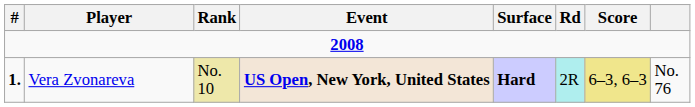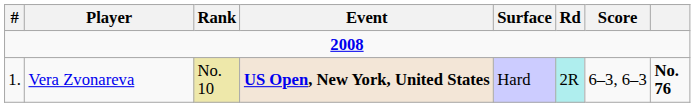 <table class="wikitable sortable">
 <tr>
 <th>#</th>
 <th width=155>Player</th>
 <th width=30>Rank</th>
 <th>Event</th>
 <th>Surface</th>
 <th>Rd</th>
 <th>Score</th>
 <th width=30></th>
 </tr>
 <tr>
 <td colspan=8 style=text-align:center><strong><a href='#'>2008</a></strong></td>
 </tr>
 <tr>
-<td><strong>1.</strong></td>
+<td>1.</td>
 <td> <a href='#'>Vera Zvonareva</a></td>
 <td bgcolor=EEE8AA>No. 10</td>
 <td bgcolor=#F3E6D7><strong><a href='#'>US Open</a>, New York, United States</strong></td>
-<td bgcolor=CCCCFF><strong>Hard</strong></td>
+<td bgcolor=CCCCFF>Hard</td>
 <td bgcolor=afeeee>2R</td>
-<td style="background: khaki;">6–3, 6–3</td>
-<td>No. 76</td>
+<td>6–3, 6–3</td>
+<td><strong>No. 76</strong></td>
 </tr>
 </table>
